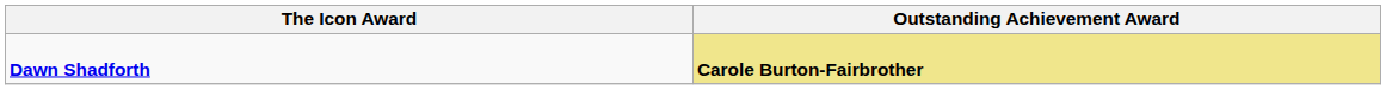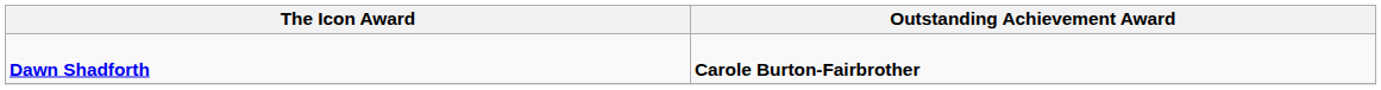 <table class="wikitable" style="width:95%">
 <tr bgcolor="#bebebe">
 <th width="50%">The Icon Award</th>
 <th width="50%">Outstanding Achievement Award</th>
 </tr>
 <tr>
 <td valign="top"><br><strong><a href='#'>Dawn Shadforth</a></strong></td>
-<td valign="top" style="background: khaki;"><br><strong>Carole Burton-Fairbrother</strong></td>
+<td valign="top"><br><strong>Carole Burton-Fairbrother</strong></td>
 </tr>
 <tr>
 </tr>
 </table>
